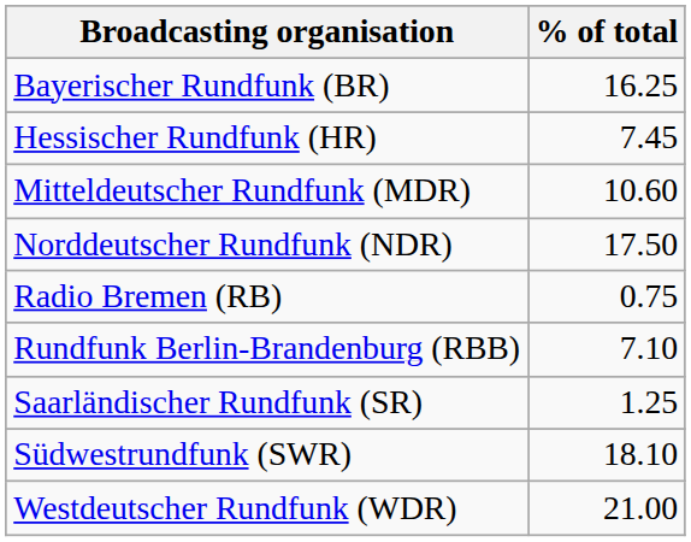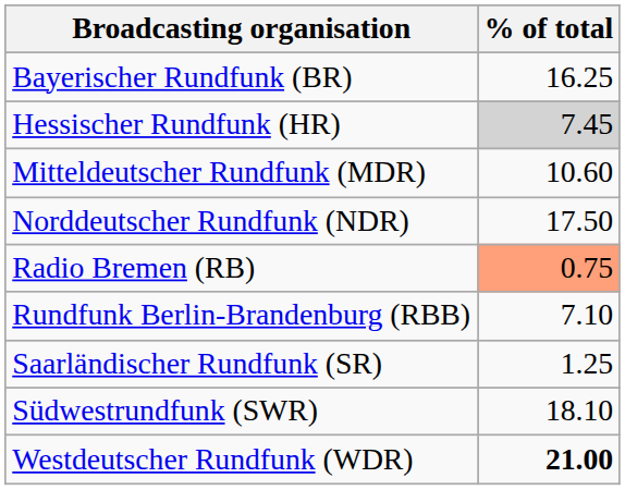 <table class="wikitable sortable">
 <tr>
 <th style="text-align:center;">Broadcasting organisation</th>
 <th style="text-align:center;">% of total</th>
 </tr>
 <tr>
 <td><a href='#'>Bayerischer Rundfunk</a> (BR)</td>
 <td style="text-align:right;">16.25</td>
 </tr>
 <tr>
 <td><a href='#'>Hessischer Rundfunk</a> (HR)</td>
-<td style="text-align:right;">7.45</td>
+<td style="background: lightgrey; text-align:right;">7.45</td>
 </tr>
 <tr>
 <td><a href='#'>Mitteldeutscher Rundfunk</a> (MDR)</td>
 <td style="text-align:right;">10.60</td>
 </tr>
 <tr>
 <td><a href='#'>Norddeutscher Rundfunk</a> (NDR)</td>
 <td style="text-align:right;">17.50</td>
 </tr>
 <tr>
 <td><a href='#'>Radio Bremen</a> (RB)</td>
-<td style="text-align:right;">0.75</td>
+<td style="background: lightsalmon; text-align:right;">0.75</td>
 </tr>
 <tr>
 <td><a href='#'>Rundfunk Berlin-Brandenburg</a> (RBB)</td>
 <td style="text-align:right;">7.10</td>
 </tr>
 <tr>
 <td><a href='#'>Saarländischer Rundfunk</a> (SR)</td>
 <td style="text-align:right;">1.25</td>
 </tr>
 <tr>
 <td><a href='#'>Südwestrundfunk</a> (SWR)</td>
 <td style="text-align:right;">18.10</td>
 </tr>
 <tr>
 <td><a href='#'>Westdeutscher Rundfunk</a> (WDR)</td>
-<td style="text-align:right;">21.00</td>
+<td style="text-align:right;"><strong>21.00</strong></td>
 </tr>
 </table>
